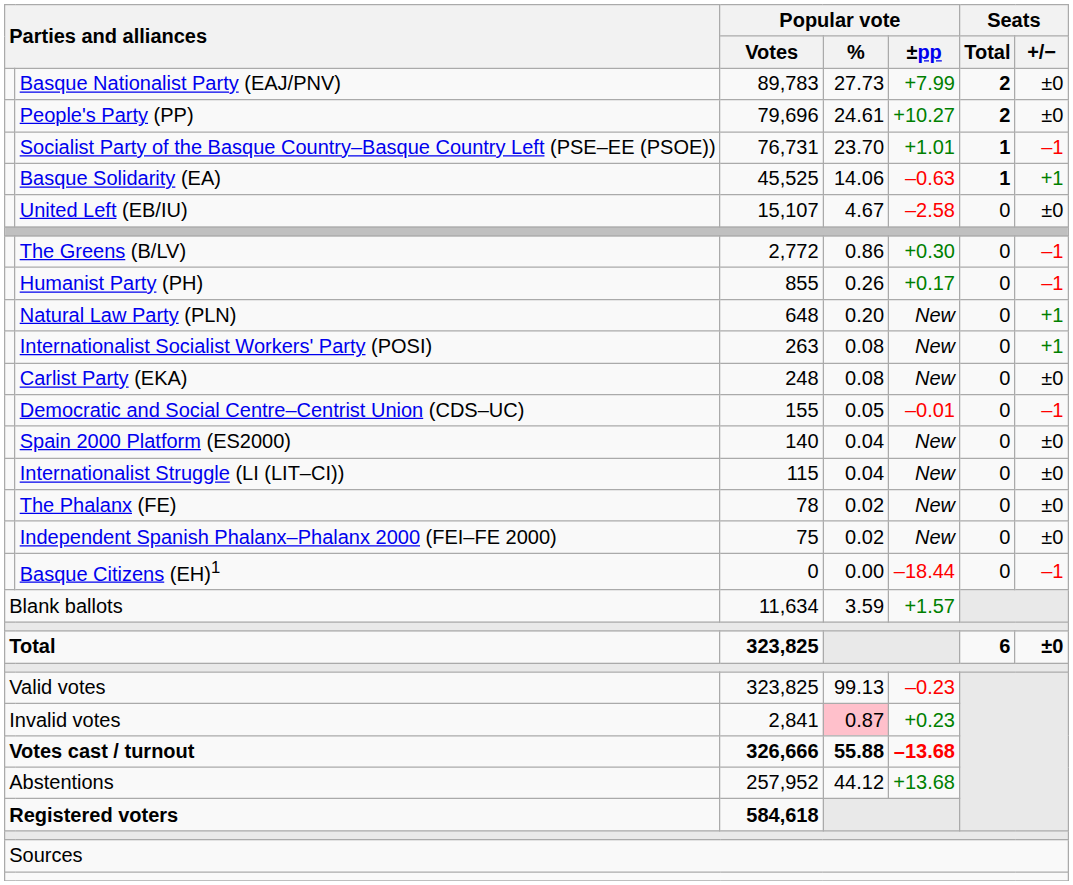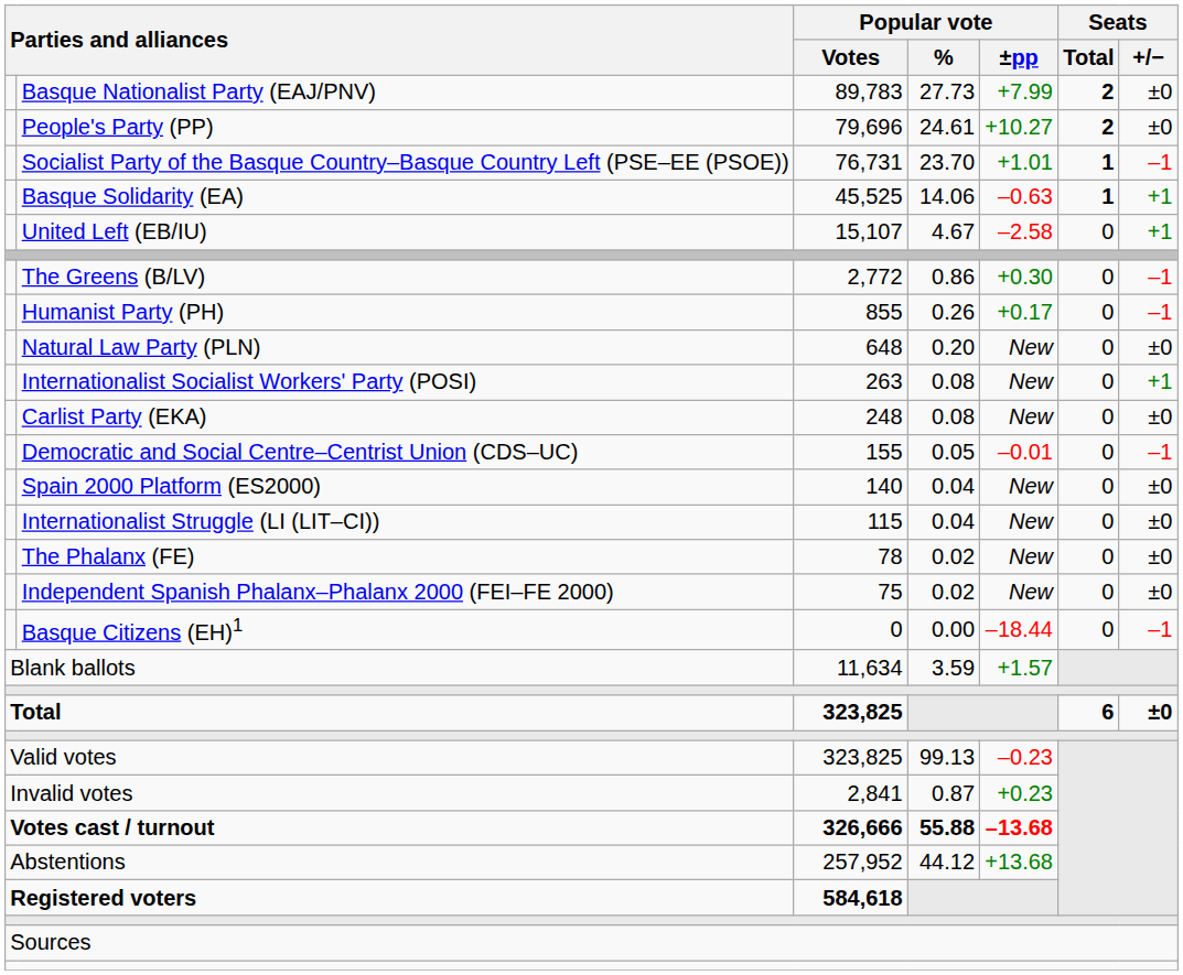 <table class="wikitable" style="text-align:right;">
 <tr>
 <th style="text-align:left;" rowspan="2" colspan="2" width="525">Parties and alliances</th>
 <th colspan="3">Popular vote</th>
 <th colspan="2">Seats</th>
 </tr>
 <tr>
 <th width="75">Votes</th>
 <th width="45">%</th>
 <th width="45">±<a href='#'>pp</a></th>
 <th width="35">Total</th>
 <th width="35">+/−</th>
 </tr>
 <tr>
 <td width="1" style="color:inherit;background:"></td>
 <td align="left"><a href='#'>Basque Nationalist Party</a> (EAJ/PNV)</td>
 <td>89,783</td>
 <td>27.73</td>
 <td style="color:green;">+7.99</td>
 <td><strong>2</strong></td>
 <td>±0</td>
 </tr>
 <tr>
 <td style="color:inherit;background:"></td>
 <td align="left"><a href='#'>People's Party</a> (PP)</td>
 <td>79,696</td>
 <td>24.61</td>
 <td style="color:green;">+10.27</td>
 <td><strong>2</strong></td>
 <td>±0</td>
 </tr>
 <tr>
 <td style="color:inherit;background:"></td>
 <td align="left"><a href='#'>Socialist Party of the Basque Country–Basque Country Left</a> (PSE–EE (PSOE))</td>
 <td>76,731</td>
 <td>23.70</td>
 <td style="color:green;">+1.01</td>
 <td><strong>1</strong></td>
 <td style="color:red;">–1</td>
 </tr>
 <tr>
 <td style="color:inherit;background:"></td>
 <td align="left"><a href='#'>Basque Solidarity</a> (EA)</td>
 <td>45,525</td>
 <td>14.06</td>
 <td style="color:red;">–0.63</td>
 <td><strong>1</strong></td>
 <td style="color:green;">+1</td>
 </tr>
 <tr>
 <td style="color:inherit;background:"></td>
 <td align="left"><a href='#'>United Left</a> (EB/IU)</td>
 <td>15,107</td>
 <td>4.67</td>
 <td style="color:red;">–2.58</td>
 <td>0</td>
-<td>±0</td>
+<td style="color:green;">+1</td>
 </tr>
 <tr>
 <td colspan="7" bgcolor="#C0C0C0"></td>
 </tr>
 <tr>
 <td style="color:inherit;background:"></td>
 <td align="left"><a href='#'>The Greens</a> (B/LV)</td>
 <td>2,772</td>
 <td>0.86</td>
 <td style="color:green;">+0.30</td>
 <td>0</td>
 <td style="color:red;">–1</td>
 </tr>
 <tr>
 <td style="color:inherit;background:"></td>
 <td align="left"><a href='#'>Humanist Party</a> (PH)</td>
 <td>855</td>
 <td>0.26</td>
 <td style="color:green;">+0.17</td>
 <td>0</td>
 <td style="color:red;">–1</td>
 </tr>
 <tr>
 <td style="color:inherit;background:"></td>
 <td align="left"><a href='#'>Natural Law Party</a> (PLN)</td>
 <td>648</td>
 <td>0.20</td>
 <td><em>New</em></td>
 <td>0</td>
-<td style="color:green;">+1</td>
+<td>±0</td>
 </tr>
 <tr>
 <td style="color:inherit;background:"></td>
 <td align="left"><a href='#'>Internationalist Socialist Workers' Party</a> (POSI)</td>
 <td>263</td>
 <td>0.08</td>
 <td><em>New</em></td>
 <td>0</td>
 <td style="color:green;">+1</td>
 </tr>
 <tr>
 <td style="color:inherit;background:"></td>
 <td align="left"><a href='#'>Carlist Party</a> (EKA)</td>
 <td>248</td>
 <td>0.08</td>
 <td><em>New</em></td>
 <td>0</td>
 <td>±0</td>
 </tr>
 <tr>
 <td style="color:inherit;background:"></td>
 <td align="left"><a href='#'>Democratic and Social Centre–Centrist Union</a> (CDS–UC)</td>
 <td>155</td>
 <td>0.05</td>
 <td style="color:red;">–0.01</td>
 <td>0</td>
 <td style="color:red;">–1</td>
 </tr>
 <tr>
 <td style="color:inherit;background:"></td>
 <td align="left"><a href='#'>Spain 2000 Platform</a> (ES2000)</td>
 <td>140</td>
 <td>0.04</td>
 <td><em>New</em></td>
 <td>0</td>
 <td>±0</td>
 </tr>
 <tr>
 <td style="color:inherit;background:"></td>
 <td align="left"><a href='#'>Internationalist Struggle</a> (LI (LIT–CI))</td>
 <td>115</td>
 <td>0.04</td>
 <td><em>New</em></td>
 <td>0</td>
 <td>±0</td>
 </tr>
 <tr>
 <td style="color:inherit;background:"></td>
 <td align="left"><a href='#'>The Phalanx</a> (FE)</td>
 <td>78</td>
 <td>0.02</td>
 <td><em>New</em></td>
 <td>0</td>
 <td>±0</td>
 </tr>
 <tr>
 <td style="color:inherit;background:"></td>
 <td align="left"><a href='#'>Independent Spanish Phalanx–Phalanx 2000</a> (FEI–FE 2000)</td>
 <td>75</td>
 <td>0.02</td>
 <td><em>New</em></td>
 <td>0</td>
 <td>±0</td>
 </tr>
 <tr>
 <td style="color:inherit;background:"></td>
 <td align="left"><a href='#'>Basque Citizens</a> (EH)<sup>1</sup></td>
 <td>0</td>
 <td>0.00</td>
 <td style="color:red;">–18.44</td>
 <td>0</td>
 <td style="color:red;">–1</td>
 </tr>
 <tr>
 <td align="left" colspan="2">Blank ballots</td>
 <td>11,634</td>
 <td>3.59</td>
 <td style="color:green;">+1.57</td>
 <td bgcolor="#E9E9E9" colspan="2"></td>
 </tr>
 <tr>
 <td colspan="7" bgcolor="#E9E9E9"></td>
 </tr>
 <tr style="font-weight:bold;">
 <td align="left" colspan="2">Total</td>
 <td>323,825</td>
 <td bgcolor="#E9E9E9" colspan="2"></td>
 <td>6</td>
 <td>±0</td>
 </tr>
 <tr>
 <td colspan="7" bgcolor="#E9E9E9"></td>
 </tr>
 <tr>
 <td align="left" colspan="2">Valid votes</td>
 <td>323,825</td>
 <td>99.13</td>
 <td style="color:red;">–0.23</td>
 <td bgcolor="#E9E9E9" colspan="2" rowspan="5"></td>
 </tr>
 <tr>
 <td align="left" colspan="2">Invalid votes</td>
 <td>2,841</td>
-<td style="background: pink;">0.87</td>
+<td>0.87</td>
 <td style="color:green;">+0.23</td>
 </tr>
 <tr style="font-weight:bold;">
 <td align="left" colspan="2">Votes cast / turnout</td>
 <td>326,666</td>
 <td>55.88</td>
 <td style="color:red;">–13.68</td>
 </tr>
 <tr>
 <td align="left" colspan="2">Abstentions</td>
 <td>257,952</td>
 <td>44.12</td>
 <td style="color:green;">+13.68</td>
 </tr>
 <tr style="font-weight:bold;">
 <td align="left" colspan="2">Registered voters</td>
 <td>584,618</td>
 <td bgcolor="#E9E9E9" colspan="2"></td>
 </tr>
 <tr>
 <td colspan="7" bgcolor="#E9E9E9"></td>
 </tr>
 <tr>
 <td align="left" colspan="7">Sources</td>
 </tr>
 <tr>
 <td colspan="7" style="text-align:left; max-width:790px;"></td>
 </tr>
 </table>
